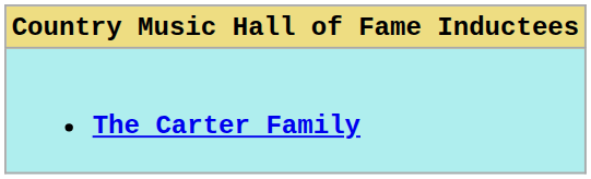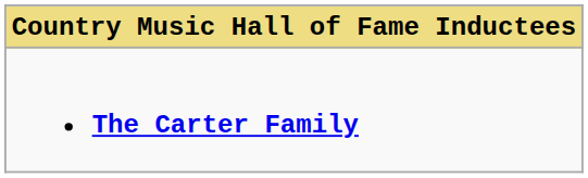 <table class="wikitable">
 <tr>
 <th style="background:#EEDD82; width=50%">Country Music Hall of Fame Inductees</th>
 </tr>
 <tr>
-<td valign="top" style="background: paleturquoise;"><br><ul><li><strong><a href='#'>The Carter Family</a></strong></li></ul></td>
+<td valign="top"><br><ul><li><strong><a href='#'>The Carter Family</a></strong></li></ul></td>
 </tr>
 </table>
